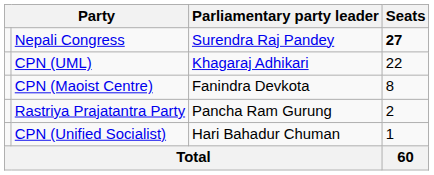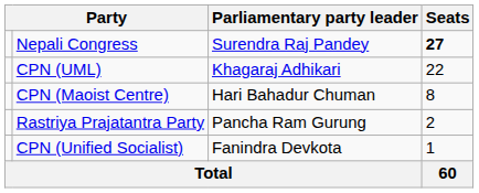 <table class="wikitable">
 <tr>
 <th colspan="2">Party</th>
 <th>Parliamentary party leader</th>
 <th>Seats</th>
 </tr>
 <tr>
 <td></td>
 <td><a href='#'>Nepali Congress</a></td>
 <td><a href='#'>Surendra Raj Pandey</a></td>
 <td><strong>27</strong></td>
 </tr>
 <tr>
 <td></td>
 <td><a href='#'>CPN (UML)</a></td>
 <td><a href='#'>Khagaraj Adhikari</a></td>
 <td>22</td>
 </tr>
 <tr>
 <td></td>
 <td><a href='#'>CPN (Maoist Centre)</a></td>
-<td>Fanindra Devkota</td>
+<td>Hari Bahadur Chuman</td>
 <td>8</td>
 </tr>
 <tr>
 <td></td>
 <td><a href='#'>Rastriya Prajatantra Party</a></td>
 <td>Pancha Ram Gurung</td>
 <td>2</td>
 </tr>
 <tr>
 <td></td>
 <td><a href='#'>CPN (Unified Socialist)</a></td>
-<td>Hari Bahadur Chuman</td>
+<td>Fanindra Devkota</td>
 <td>1</td>
 </tr>
 <tr>
 <th colspan="3">Total</th>
 <th>60</th>
 </tr>
 </table>
